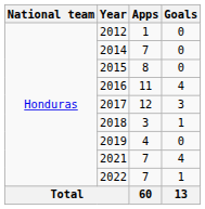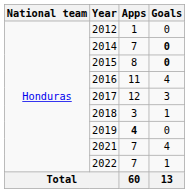 <table class=wikitable style=text-align:center>
 <tr>
 <th>National team</th>
 <th>Year</th>
 <th>Apps</th>
 <th>Goals</th>
 </tr>
 <tr>
 <td rowspan="9"><a href='#'>Honduras</a></td>
 <td>2012</td>
 <td>1</td>
 <td>0</td>
 </tr>
 <tr>
 <td>2014</td>
 <td>7</td>
-<td>0</td>
+<td><strong>0</strong></td>
 </tr>
 <tr>
 <td>2015</td>
 <td>8</td>
-<td>0</td>
+<td><strong>0</strong></td>
 </tr>
 <tr>
 <td>2016</td>
 <td>11</td>
 <td>4</td>
 </tr>
 <tr>
 <td>2017</td>
 <td>12</td>
 <td>3</td>
 </tr>
 <tr>
 <td>2018</td>
 <td>3</td>
 <td>1</td>
 </tr>
 <tr>
 <td>2019</td>
-<td>4</td>
+<td><strong>4</strong></td>
 <td>0</td>
 </tr>
 <tr>
 <td>2021</td>
 <td>7</td>
 <td>4</td>
 </tr>
 <tr>
 <td>2022</td>
 <td>7</td>
 <td>1</td>
 </tr>
 <tr>
 <th colspan="2">Total</th>
 <th>60</th>
 <th>13</th>
 </tr>
 </table>
